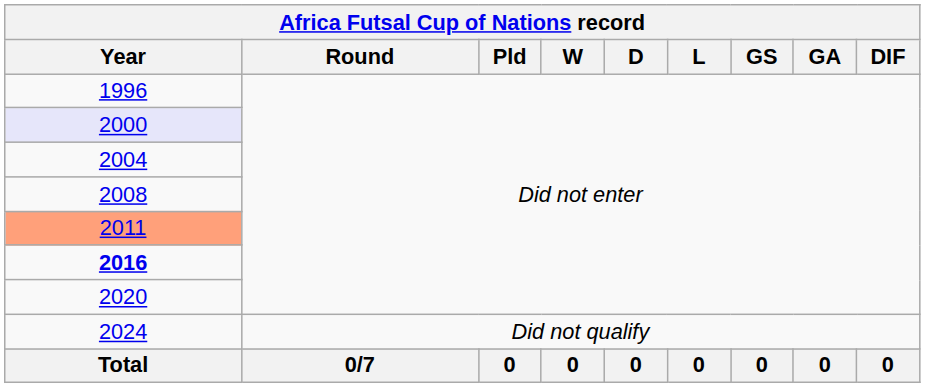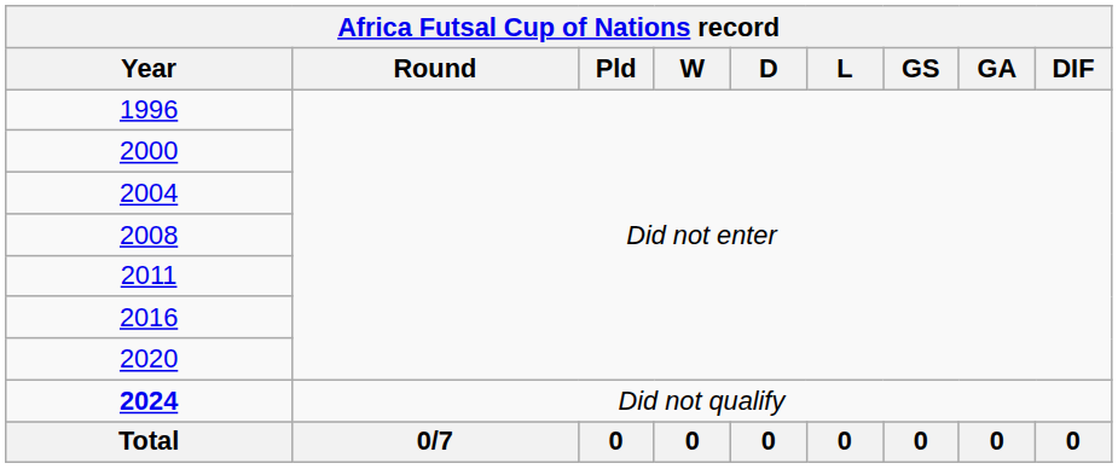 <table class="wikitable" style="text-align: center;font-size:90%;">
 <tr>
 <th colspan=9><a href='#'>Africa Futsal Cup of Nations</a> record</th>
 </tr>
 <tr>
 <th width=150>Year</th>
 <th width=150>Round</th>
 <th width=35>Pld</th>
 <th width=35>W</th>
 <th width=35>D</th>
 <th width=35>L</th>
 <th width=35>GS</th>
 <th width=35>GA</th>
 <th width=35>DIF</th>
 </tr>
 <tr>
 <td> <a href='#'>1996</a></td>
 <td rowspan=7; colspan=8><em>Did not enter</em></td>
 </tr>
 <tr>
-<td style="background: lavender;"> <a href='#'>2000</a></td>
+<td> <a href='#'>2000</a></td>
 </tr>
 <tr>
 <td><a href='#'>2004</a></td>
 </tr>
 <tr>
 <td> <a href='#'>2008</a></td>
 </tr>
 <tr>
-<td style="background: lightsalmon;"> <a href='#'>2011</a></td>
+<td> <a href='#'>2011</a></td>
 </tr>
 <tr>
-<td><strong> <a href='#'>2016</a></strong></td>
+<td> <a href='#'>2016</a></td>
 </tr>
 <tr>
 <td> <a href='#'>2020</a></td>
 </tr>
 <tr>
-<td> <a href='#'>2024</a></td>
+<td><strong> <a href='#'>2024</a></strong></td>
 <td rowspan=1; colspan=8><em>Did not qualify</em></td>
 </tr>
 <tr>
 <th><strong>Total</strong></th>
 <th>0/7</th>
 <th>0</th>
 <th>0</th>
 <th>0</th>
 <th>0</th>
 <th>0</th>
 <th>0</th>
 <th>0</th>
 </tr>
 </table>
